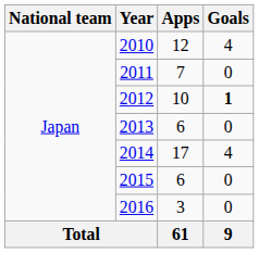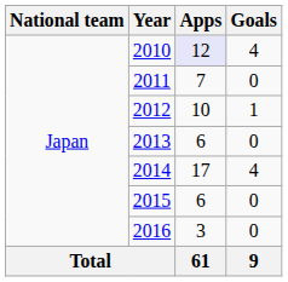 <table class="wikitable" style="text-align:center">
 <tr>
 <th>National team</th>
 <th>Year</th>
 <th>Apps</th>
 <th>Goals</th>
 </tr>
 <tr>
 <td rowspan="7"><a href='#'>Japan</a></td>
 <td><a href='#'>2010</a></td>
-<td>12</td>
+<td style="background: lavender;">12</td>
 <td>4</td>
 </tr>
 <tr>
 <td><a href='#'>2011</a></td>
 <td>7</td>
 <td>0</td>
 </tr>
 <tr>
 <td><a href='#'>2012</a></td>
 <td>10</td>
-<td><strong>1</strong></td>
+<td>1</td>
 </tr>
 <tr>
 <td><a href='#'>2013</a></td>
 <td>6</td>
 <td>0</td>
 </tr>
 <tr>
 <td><a href='#'>2014</a></td>
 <td>17</td>
 <td>4</td>
 </tr>
 <tr>
 <td><a href='#'>2015</a></td>
 <td>6</td>
 <td>0</td>
 </tr>
 <tr>
 <td><a href='#'>2016</a></td>
 <td>3</td>
 <td>0</td>
 </tr>
 <tr>
 <th colspan="2">Total</th>
 <th>61</th>
 <th>9</th>
 </tr>
 </table>
